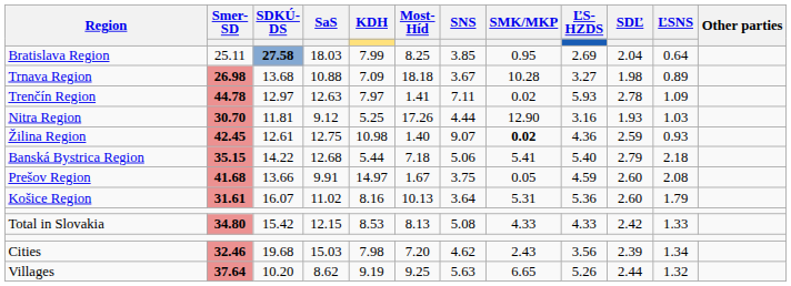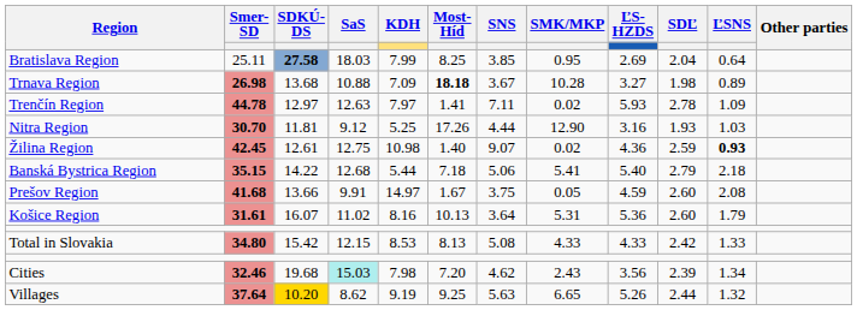 <table class="wikitable sortable nowrap" style="text-align:center; font-size:90%; line-height:14px">
 <tr>
 <th style="width:200px;" rowspan="2"><a href='#'>Region</a></th>
 <th style="width:40px;"><a href='#'>Smer-SD</a></th>
 <th style="width:40px;"><a href='#'>SDKÚ-DS</a></th>
 <th style="width:40px;"><a href='#'>SaS</a></th>
 <th style="width:40px;"><a href='#'>KDH</a></th>
 <th style="width:40px;"><a href='#'>Most-Híd</a></th>
 <th style="width:40px;"><a href='#'>SNS</a></th>
 <th style="width:40px;"><a href='#'>SMK/MKP</a></th>
 <th style="width:40px;"><a href='#'>ĽS-HZDS</a></th>
 <th style="width:40px;"><a href='#'>SDĽ</a></th>
 <th style="width:40px;"><a href='#'>ĽSNS</a></th>
 <th class="unsortable" style="width:40px;" rowspan="2">Other parties</th>
 </tr>
 <tr>
 <th style="background:"></th>
 <th style="background:"></th>
 <th style="background:"></th>
 <th style="background:#FFE17C"></th>
 <th style="background:"></th>
 <th style="background:"></th>
 <th style="background:"></th>
 <th style="background:#185CB4"></th>
 <th style="background:"></th>
 <th style="background:"></th>
 </tr>
 <tr>
 <td align="left"><a href='#'>Bratislava Region</a></td>
 <td>25.11</td>
 <td style="background:#83a8d2;"><strong>27.58</strong></td>
 <td>18.03</td>
 <td>7.99</td>
 <td>8.25</td>
 <td>3.85</td>
 <td>0.95</td>
 <td>2.69</td>
 <td>2.04</td>
 <td>0.64</td>
 <td></td>
 </tr>
 <tr>
 <td align="left"><a href='#'>Trnava Region</a></td>
 <td style="background:#ec9191;"><strong>26.98</strong></td>
 <td>13.68</td>
 <td>10.88</td>
 <td>7.09</td>
-<td>18.18</td>
+<td><strong>18.18</strong></td>
 <td>3.67</td>
 <td>10.28</td>
 <td>3.27</td>
 <td>1.98</td>
 <td>0.89</td>
 <td></td>
 </tr>
 <tr>
 <td align="left"><a href='#'>Trenčín Region</a></td>
 <td style="background:#ec9191;"><strong>44.78</strong></td>
 <td>12.97</td>
 <td>12.63</td>
 <td>7.97</td>
 <td>1.41</td>
 <td>7.11</td>
 <td>0.02</td>
 <td>5.93</td>
 <td>2.78</td>
 <td>1.09</td>
 <td></td>
 </tr>
 <tr>
 <td align="left"><a href='#'>Nitra Region</a></td>
 <td style="background:#ec9191;"><strong>30.70</strong></td>
 <td>11.81</td>
 <td>9.12</td>
 <td>5.25</td>
 <td>17.26</td>
 <td>4.44</td>
 <td>12.90</td>
 <td>3.16</td>
 <td>1.93</td>
 <td>1.03</td>
 <td></td>
 </tr>
 <tr>
 <td align="left"><a href='#'>Žilina Region</a></td>
 <td style="background:#ec9191;"><strong>42.45</strong></td>
 <td>12.61</td>
 <td>12.75</td>
 <td>10.98</td>
 <td>1.40</td>
 <td>9.07</td>
-<td><strong>0.02</strong></td>
+<td>0.02</td>
 <td>4.36</td>
 <td>2.59</td>
-<td>0.93</td>
+<td><strong>0.93</strong></td>
 <td></td>
 </tr>
 <tr>
 <td align="left"><a href='#'>Banská Bystrica Region</a></td>
 <td style="background:#ec9191;"><strong>35.15</strong></td>
 <td>14.22</td>
 <td>12.68</td>
 <td>5.44</td>
 <td>7.18</td>
 <td>5.06</td>
 <td>5.41</td>
 <td>5.40</td>
 <td>2.79</td>
 <td>2.18</td>
 <td></td>
 </tr>
 <tr>
 <td align="left"><a href='#'>Prešov Region</a></td>
 <td style="background:#ec9191;"><strong>41.68</strong></td>
 <td>13.66</td>
 <td>9.91</td>
 <td>14.97</td>
 <td>1.67</td>
 <td>3.75</td>
 <td>0.05</td>
 <td>4.59</td>
 <td>2.60</td>
 <td>2.08</td>
 <td></td>
 </tr>
 <tr>
 <td align="left"><a href='#'>Košice Region</a></td>
 <td style="background:#ec9191;"><strong>31.61</strong></td>
 <td>16.07</td>
 <td>11.02</td>
 <td>8.16</td>
 <td>10.13</td>
 <td>3.64</td>
 <td>5.31</td>
 <td>5.36</td>
 <td>2.60</td>
 <td>1.79</td>
 <td></td>
 </tr>
 <tr>
 <td colspan=10></td>
 </tr>
 <tr>
 <td align="left">Total in Slovakia</td>
 <td style="background:#ec9191;"><strong>34.80</strong></td>
 <td>15.42</td>
 <td>12.15</td>
 <td>8.53</td>
 <td>8.13</td>
 <td>5.08</td>
 <td>4.33</td>
 <td>4.33</td>
 <td>2.42</td>
 <td>1.33</td>
 <td></td>
 </tr>
 <tr>
 <td colspan=10></td>
 </tr>
 <tr>
 <td align="left">Cities</td>
 <td style="background:#ec9191;"><strong>32.46</strong></td>
 <td>19.68</td>
-<td>15.03</td>
+<td style="background: paleturquoise;">15.03</td>
 <td>7.98</td>
 <td>7.20</td>
 <td>4.62</td>
 <td>2.43</td>
 <td>3.56</td>
 <td>2.39</td>
 <td>1.34</td>
 <td></td>
 </tr>
 <tr>
 <td align="left">Villages</td>
 <td style="background:#ec9191;"><strong>37.64</strong></td>
-<td>10.20</td>
+<td style="background: gold;">10.20</td>
 <td>8.62</td>
 <td>9.19</td>
 <td>9.25</td>
 <td>5.63</td>
 <td>6.65</td>
 <td>5.26</td>
 <td>2.44</td>
 <td>1.32</td>
 <td></td>
 </tr>
 </table>
